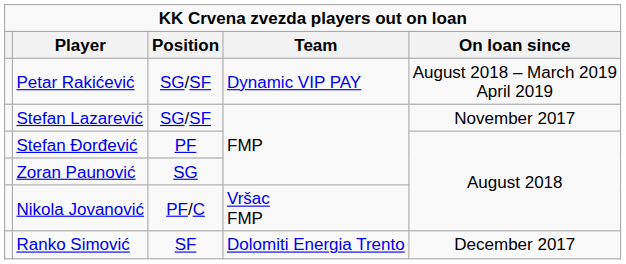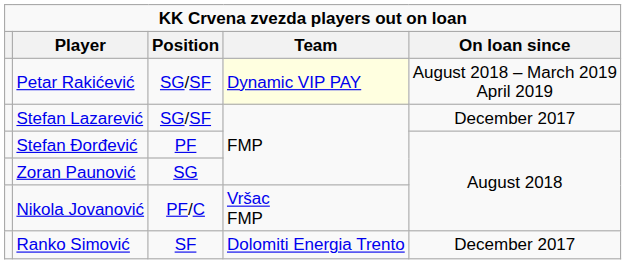 <table class="wikitable sortable" style="font-size: 95%; text-align:center;">
 <tr>
 <td colspan=6><strong>KK Crvena zvezda players out on loan</strong></td>
 </tr>
 <tr>
 <th></th>
 <th>Player</th>
 <th>Position</th>
 <th>Team</th>
 <th>On loan since</th>
 </tr>
 <tr>
 <td></td>
 <td style="text-align:left;"><a href='#'>Petar Rakićević</a></td>
 <td><a href='#'>SG</a>/<a href='#'>SF</a></td>
-<td style="text-align:left;"> <a href='#'>Dynamic VIP PAY</a></td>
+<td style="background: lightyellow; text-align:left;"> <a href='#'>Dynamic VIP PAY</a></td>
 <td>August 2018 – March 2019 <br>April 2019</td>
 </tr>
 <tr>
 <td></td>
 <td style="text-align:left;"><a href='#'>Stefan Lazarević</a></td>
 <td><a href='#'>SG</a>/<a href='#'>SF</a></td>
 <td style="text-align:left;" rowspan=3> FMP</td>
-<td>November 2017</td>
+<td>December 2017</td>
 </tr>
 <tr>
 <td></td>
 <td style="text-align:left;"><a href='#'>Stefan Đorđević</a></td>
 <td><a href='#'>PF</a></td>
 <td rowspan=3>August 2018</td>
 </tr>
 <tr>
 <td></td>
 <td style="text-align:left;"><a href='#'>Zoran Paunović</a></td>
 <td><a href='#'>SG</a></td>
 </tr>
 <tr>
 <td></td>
 <td style="text-align:left;"><a href='#'>Nikola Jovanović</a></td>
 <td><a href='#'>PF</a>/<a href='#'>C</a></td>
 <td style="text-align:left;"> <a href='#'>Vršac</a><br> FMP</td>
 </tr>
 <tr>
 <td></td>
 <td style="text-align:left;"><a href='#'>Ranko Simović</a></td>
 <td><a href='#'>SF</a></td>
 <td style="text-align:left;"> <a href='#'>Dolomiti Energia Trento</a></td>
 <td>December 2017</td>
 </tr>
 </table>
